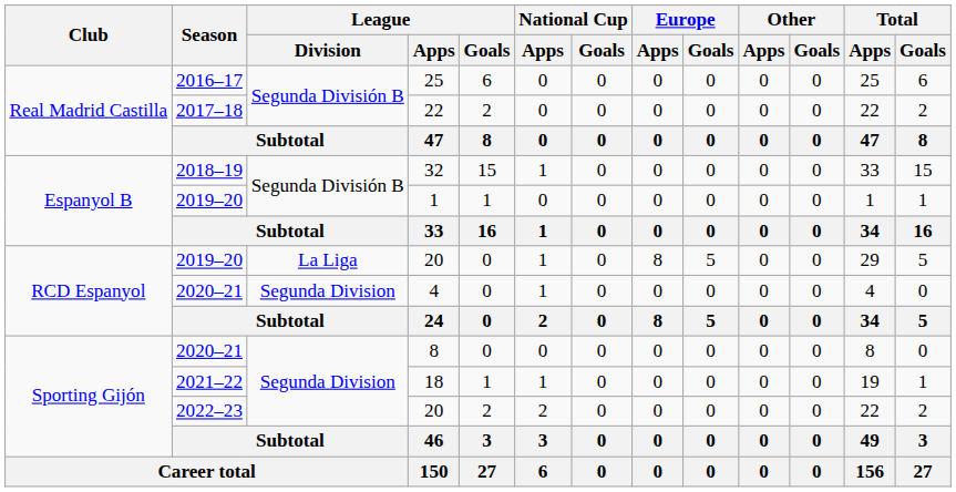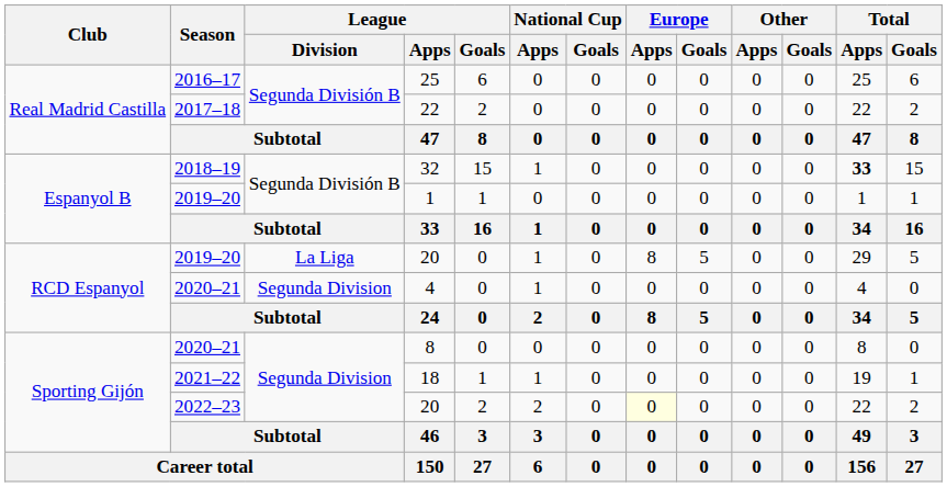 <table class="wikitable" style="text-align:center">
 <tr>
 <th rowspan=2>Club</th>
 <th rowspan=2>Season</th>
 <th colspan=3>League</th>
 <th colspan=2>National Cup</th>
 <th colspan=2><a href='#'>Europe</a></th>
 <th colspan=2>Other</th>
 <th colspan=2>Total</th>
 </tr>
 <tr>
 <th>Division</th>
 <th>Apps</th>
 <th>Goals</th>
 <th>Apps</th>
 <th>Goals</th>
 <th>Apps</th>
 <th>Goals</th>
 <th>Apps</th>
 <th>Goals</th>
 <th>Apps</th>
 <th>Goals</th>
 </tr>
 <tr>
 <td rowspan="3"><a href='#'>Real Madrid Castilla</a></td>
 <td><a href='#'>2016–17</a></td>
 <td rowspan="2"><a href='#'>Segunda División B</a></td>
 <td>25</td>
 <td>6</td>
 <td>0</td>
 <td>0</td>
 <td>0</td>
 <td>0</td>
 <td>0</td>
 <td>0</td>
 <td>25</td>
 <td>6</td>
 </tr>
 <tr>
 <td><a href='#'>2017–18</a></td>
 <td>22</td>
 <td>2</td>
 <td>0</td>
 <td>0</td>
 <td>0</td>
 <td>0</td>
 <td>0</td>
 <td>0</td>
 <td>22</td>
 <td>2</td>
 </tr>
 <tr>
 <th colspan=2>Subtotal</th>
 <th>47</th>
 <th>8</th>
 <th>0</th>
 <th>0</th>
 <th>0</th>
 <th>0</th>
 <th>0</th>
 <th>0</th>
 <th>47</th>
 <th>8</th>
 </tr>
 <tr>
 <td rowspan="3"><a href='#'>Espanyol B</a></td>
 <td><a href='#'>2018–19</a></td>
 <td rowspan="2">Segunda División B</td>
 <td>32</td>
 <td>15</td>
 <td>1</td>
 <td>0</td>
 <td>0</td>
 <td>0</td>
 <td>0</td>
 <td>0</td>
-<td>33</td>
+<td><strong>33</strong></td>
 <td>15</td>
 </tr>
 <tr>
 <td><a href='#'>2019–20</a></td>
 <td>1</td>
 <td>1</td>
 <td>0</td>
 <td>0</td>
 <td>0</td>
 <td>0</td>
 <td>0</td>
 <td>0</td>
 <td>1</td>
 <td>1</td>
 </tr>
 <tr>
 <th colspan=2>Subtotal</th>
 <th>33</th>
 <th>16</th>
 <th>1</th>
 <th>0</th>
 <th>0</th>
 <th>0</th>
 <th>0</th>
 <th>0</th>
 <th>34</th>
 <th>16</th>
 </tr>
 <tr>
 <td rowspan="3"><a href='#'>RCD Espanyol</a></td>
 <td><a href='#'>2019–20</a></td>
 <td><a href='#'>La Liga</a></td>
 <td>20</td>
 <td>0</td>
 <td>1</td>
 <td>0</td>
 <td>8</td>
 <td>5</td>
 <td>0</td>
 <td>0</td>
 <td>29</td>
 <td>5</td>
 </tr>
 <tr>
 <td><a href='#'>2020–21</a></td>
 <td><a href='#'>Segunda Division</a></td>
 <td>4</td>
 <td>0</td>
 <td>1</td>
 <td>0</td>
 <td>0</td>
 <td>0</td>
 <td>0</td>
 <td>0</td>
 <td>4</td>
 <td>0</td>
 </tr>
 <tr>
 <th colspan=2>Subtotal</th>
 <th>24</th>
 <th>0</th>
 <th>2</th>
 <th>0</th>
 <th>8</th>
 <th>5</th>
 <th>0</th>
 <th>0</th>
 <th>34</th>
 <th>5</th>
 </tr>
 <tr>
 <td rowspan="4"><a href='#'>Sporting Gijón</a></td>
 <td><a href='#'>2020–21</a></td>
 <td rowspan="3"><a href='#'>Segunda Division</a></td>
 <td>8</td>
 <td>0</td>
 <td>0</td>
 <td>0</td>
 <td>0</td>
 <td>0</td>
 <td>0</td>
 <td>0</td>
 <td>8</td>
 <td>0</td>
 </tr>
 <tr>
 <td><a href='#'>2021–22</a></td>
 <td>18</td>
 <td>1</td>
 <td>1</td>
 <td>0</td>
 <td>0</td>
 <td>0</td>
 <td>0</td>
 <td>0</td>
 <td>19</td>
 <td>1</td>
 </tr>
 <tr>
 <td><a href='#'>2022–23</a></td>
 <td>20</td>
 <td>2</td>
 <td>2</td>
 <td>0</td>
-<td>0</td>
+<td style="background: lightyellow;">0</td>
 <td>0</td>
 <td>0</td>
 <td>0</td>
 <td>22</td>
 <td>2</td>
 </tr>
 <tr>
 <th colspan=2>Subtotal</th>
 <th>46</th>
 <th>3</th>
 <th>3</th>
 <th>0</th>
 <th>0</th>
 <th>0</th>
 <th>0</th>
 <th>0</th>
 <th>49</th>
 <th>3</th>
 </tr>
 <tr>
 <th colspan="3">Career total</th>
 <th>150</th>
 <th>27</th>
 <th>6</th>
 <th>0</th>
 <th>0</th>
 <th>0</th>
 <th>0</th>
 <th>0</th>
 <th>156</th>
 <th>27</th>
 </tr>
 </table>
